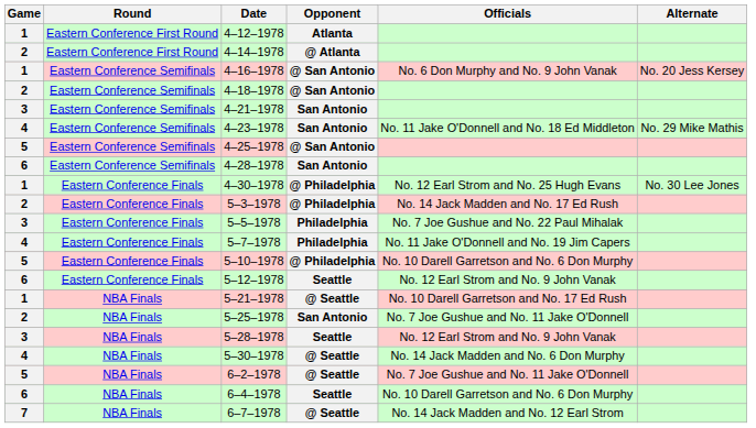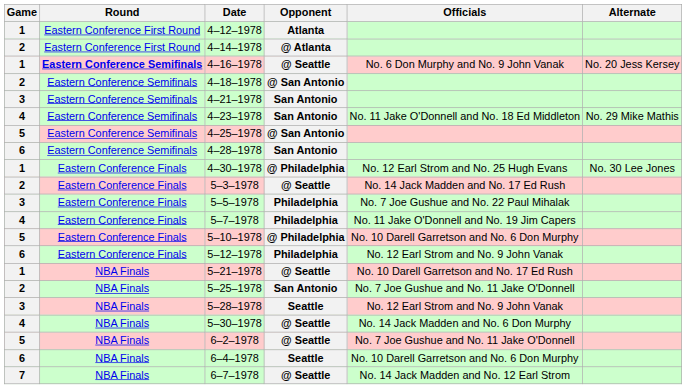 <table class="wikitable">
 <tr>
 <th>Game</th>
 <th>Round</th>
 <th>Date</th>
 <th>Opponent</th>
 <th>Officials</th>
 <th>Alternate</th>
 </tr>
 <tr align="center" bgcolor="#ccffcc">
 <th>1</th>
 <td><a href='#'>Eastern Conference First Round</a></td>
 <td>4–12–1978</td>
 <th>Atlanta</th>
 <td></td>
 <td></td>
 </tr>
 <tr align="center" bgcolor="#ccffcc">
 <th>2</th>
 <td><a href='#'>Eastern Conference First Round</a></td>
 <td>4–14–1978</td>
 <th>@ Atlanta</th>
 <td></td>
 <td></td>
 </tr>
 <tr align="center" bgcolor="#ffcccc">
 <th>1</th>
-<td><a href='#'>Eastern Conference Semifinals</a></td>
+<td><strong><a href='#'>Eastern Conference Semifinals</a></strong></td>
 <td>4–16–1978</td>
-<th>@ San Antonio</th>
+<th>@ Seattle</th>
 <td>No. 6 Don Murphy and No. 9 John Vanak</td>
 <td>No. 20 Jess Kersey</td>
 </tr>
 <tr align="center" bgcolor="#ccffcc">
 <th>2</th>
 <td><a href='#'>Eastern Conference Semifinals</a></td>
 <td>4–18–1978</td>
 <th>@ San Antonio</th>
 <td></td>
 <td></td>
 </tr>
 <tr align="center" bgcolor="#ccffcc">
 <th>3</th>
 <td><a href='#'>Eastern Conference Semifinals</a></td>
 <td>4–21–1978</td>
 <th>San Antonio</th>
 <td></td>
 <td></td>
 </tr>
 <tr align="center" bgcolor="#ccffcc">
 <th>4</th>
 <td><a href='#'>Eastern Conference Semifinals</a></td>
 <td>4–23–1978</td>
 <th>San Antonio</th>
 <td>No. 11 Jake O'Donnell and No. 18 Ed Middleton</td>
 <td>No. 29 Mike Mathis</td>
 </tr>
 <tr align="center" bgcolor="#ffcccc">
 <th>5</th>
 <td><a href='#'>Eastern Conference Semifinals</a></td>
 <td>4–25–1978</td>
 <th>@ San Antonio</th>
 <td></td>
 <td></td>
 </tr>
 <tr align="center" bgcolor="#ccffcc">
 <th>6</th>
 <td><a href='#'>Eastern Conference Semifinals</a></td>
 <td>4–28–1978</td>
 <th>San Antonio</th>
 <td></td>
 <td></td>
 </tr>
 <tr align="center" bgcolor="#ccffcc">
 <th>1</th>
 <td><a href='#'>Eastern Conference Finals</a></td>
 <td>4–30–1978</td>
 <th>@ Philadelphia</th>
 <td>No. 12 Earl Strom and No. 25 Hugh Evans</td>
 <td>No. 30 Lee Jones</td>
 </tr>
 <tr align="center" bgcolor="#ffcccc">
 <th>2</th>
 <td><a href='#'>Eastern Conference Finals</a></td>
 <td>5–3–1978</td>
-<th>@ Philadelphia</th>
+<th>@ Seattle</th>
 <td>No. 14 Jack Madden and No. 17 Ed Rush</td>
 <td></td>
 </tr>
 <tr align="center" bgcolor="#ccffcc">
 <th>3</th>
 <td><a href='#'>Eastern Conference Finals</a></td>
 <td>5–5–1978</td>
 <th>Philadelphia</th>
 <td>No. 7 Joe Gushue and No. 22 Paul Mihalak</td>
 <td></td>
 </tr>
 <tr align="center" bgcolor="#ccffcc">
 <th>4</th>
 <td><a href='#'>Eastern Conference Finals</a></td>
 <td>5–7–1978</td>
 <th>Philadelphia</th>
 <td>No. 11 Jake O'Donnell and No. 19 Jim Capers</td>
 <td></td>
 </tr>
 <tr align="center" bgcolor="#ffcccc">
 <th>5</th>
 <td><a href='#'>Eastern Conference Finals</a></td>
 <td>5–10–1978</td>
 <th>@ Philadelphia</th>
 <td>No. 10 Darell Garretson and No. 6 Don Murphy</td>
 <td></td>
 </tr>
 <tr align="center" bgcolor="#ccffcc">
 <th>6</th>
 <td><a href='#'>Eastern Conference Finals</a></td>
 <td>5–12–1978</td>
-<th>Seattle</th>
+<th>Philadelphia</th>
 <td>No. 12 Earl Strom and No. 9 John Vanak</td>
 <td></td>
 </tr>
 <tr align="center" bgcolor="#ffcccc">
 <th>1</th>
 <td><a href='#'>NBA Finals</a></td>
 <td>5–21–1978</td>
 <th>@ Seattle</th>
 <td>No. 10 Darell Garretson and No. 17 Ed Rush</td>
 <td></td>
 </tr>
 <tr align="center" bgcolor="#ccffcc">
 <th>2</th>
 <td><a href='#'>NBA Finals</a></td>
 <td>5–25–1978</td>
 <th>San Antonio</th>
 <td>No. 7 Joe Gushue and No. 11 Jake O'Donnell</td>
 <td></td>
 </tr>
 <tr align="center" bgcolor="#ffcccc">
 <th>3</th>
 <td><a href='#'>NBA Finals</a></td>
 <td>5–28–1978</td>
 <th>Seattle</th>
 <td>No. 12 Earl Strom and No. 9 John Vanak</td>
 <td></td>
 </tr>
 <tr align="center" bgcolor="#ccffcc">
 <th>4</th>
 <td><a href='#'>NBA Finals</a></td>
 <td>5–30–1978</td>
 <th>@ Seattle</th>
 <td>No. 14 Jack Madden and No. 6 Don Murphy</td>
 <td></td>
 </tr>
 <tr align="center" bgcolor="#ffcccc">
 <th>5</th>
 <td><a href='#'>NBA Finals</a></td>
 <td>6–2–1978</td>
 <th>@ Seattle</th>
 <td>No. 7 Joe Gushue and No. 11 Jake O'Donnell</td>
 <td></td>
 </tr>
 <tr align="center" bgcolor="#ccffcc">
 <th>6</th>
 <td><a href='#'>NBA Finals</a></td>
 <td>6–4–1978</td>
 <th>Seattle</th>
 <td>No. 10 Darell Garretson and No. 6 Don Murphy</td>
 <td></td>
 </tr>
 <tr align="center" bgcolor="#ccffcc">
 <th>7</th>
 <td><a href='#'>NBA Finals</a></td>
 <td>6–7–1978</td>
 <th>@ Seattle</th>
 <td>No. 14 Jack Madden and No. 12 Earl Strom</td>
 <td></td>
 </tr>
 </table>
